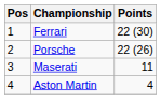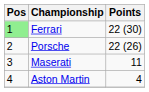 <table class="wikitable" style="font-size: 95%;">
 <tr>
 <th>Pos</th>
 <th>Championship</th>
 <th>Points</th>
 </tr>
 <tr>
-<td>1</td>
+<td style="background: lightgreen;">1</td>
 <td> <a href='#'>Ferrari</a></td>
 <td align=right>22 (30)</td>
 </tr>
 <tr>
 <td>2</td>
 <td> <a href='#'>Porsche</a></td>
 <td align=right>22 (26)</td>
 </tr>
 <tr>
 <td>3</td>
 <td> <a href='#'>Maserati</a></td>
 <td align=right>11</td>
 </tr>
 <tr>
 <td>4</td>
 <td> <a href='#'>Aston Martin</a></td>
 <td align=right>4</td>
 </tr>
 <tr>
 </tr>
 </table>
